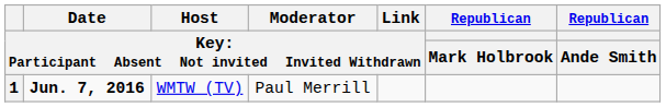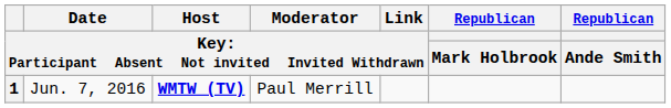 <table class="wikitable" style="text-align:center;">
 <tr>
 <th scope="col"></th>
 <th scope="col">Date</th>
 <th scope="col">Host</th>
 <th scope="col">Moderator</th>
 <th scope="col">Link</th>
 <th scope="col"><small><a href='#'>Republican</a></small></th>
 <th scope="col"><small><a href='#'>Republican</a></small></th>
 </tr>
 <tr>
 <th colspan="5" rowspan="2">Key:<br> <small>Participant </small>  <small>Absent </small>  <small>Not invited </small>  <small>Invited  Withdrawn</small></th>
 <th scope="col" style="background:"></th>
 <th scope="col" style="background:"></th>
 </tr>
 <tr>
 <th scope="col">Mark Holbrook</th>
 <th scope="col">Ande Smith</th>
 </tr>
 <tr>
 <th>1</th>
-<td style="white-space:nowrap;"><strong>Jun. 7, 2016</strong></td>
-<td style="white-space:nowrap;"><a href='#'>WMTW (TV)</a></td>
+<td style="white-space:nowrap;">Jun. 7, 2016</td>
+<td style="white-space:nowrap;"><strong><a href='#'>WMTW (TV)</a></strong></td>
 <td style="white-space:nowrap;">Paul Merrill</td>
 <td style="white-space:nowrap;"></td>
 <td></td>
 <td></td>
 </tr>
 </table>
